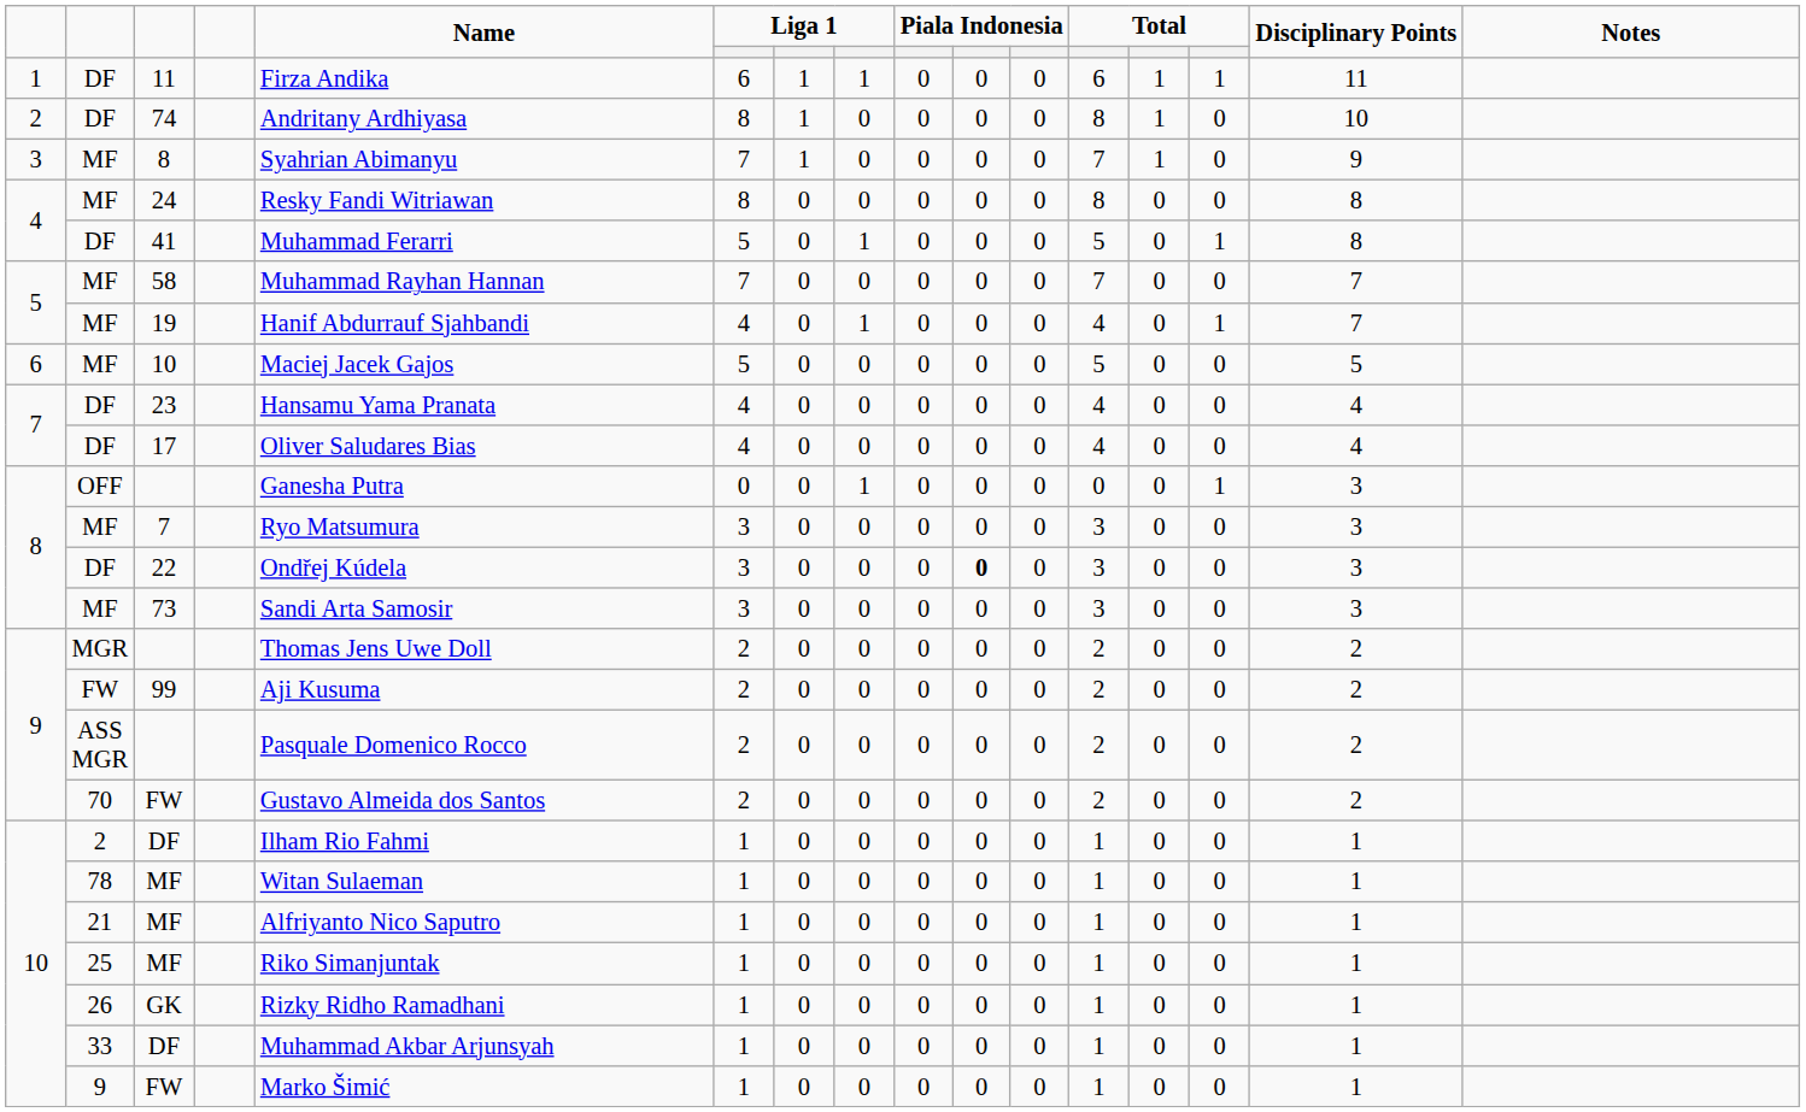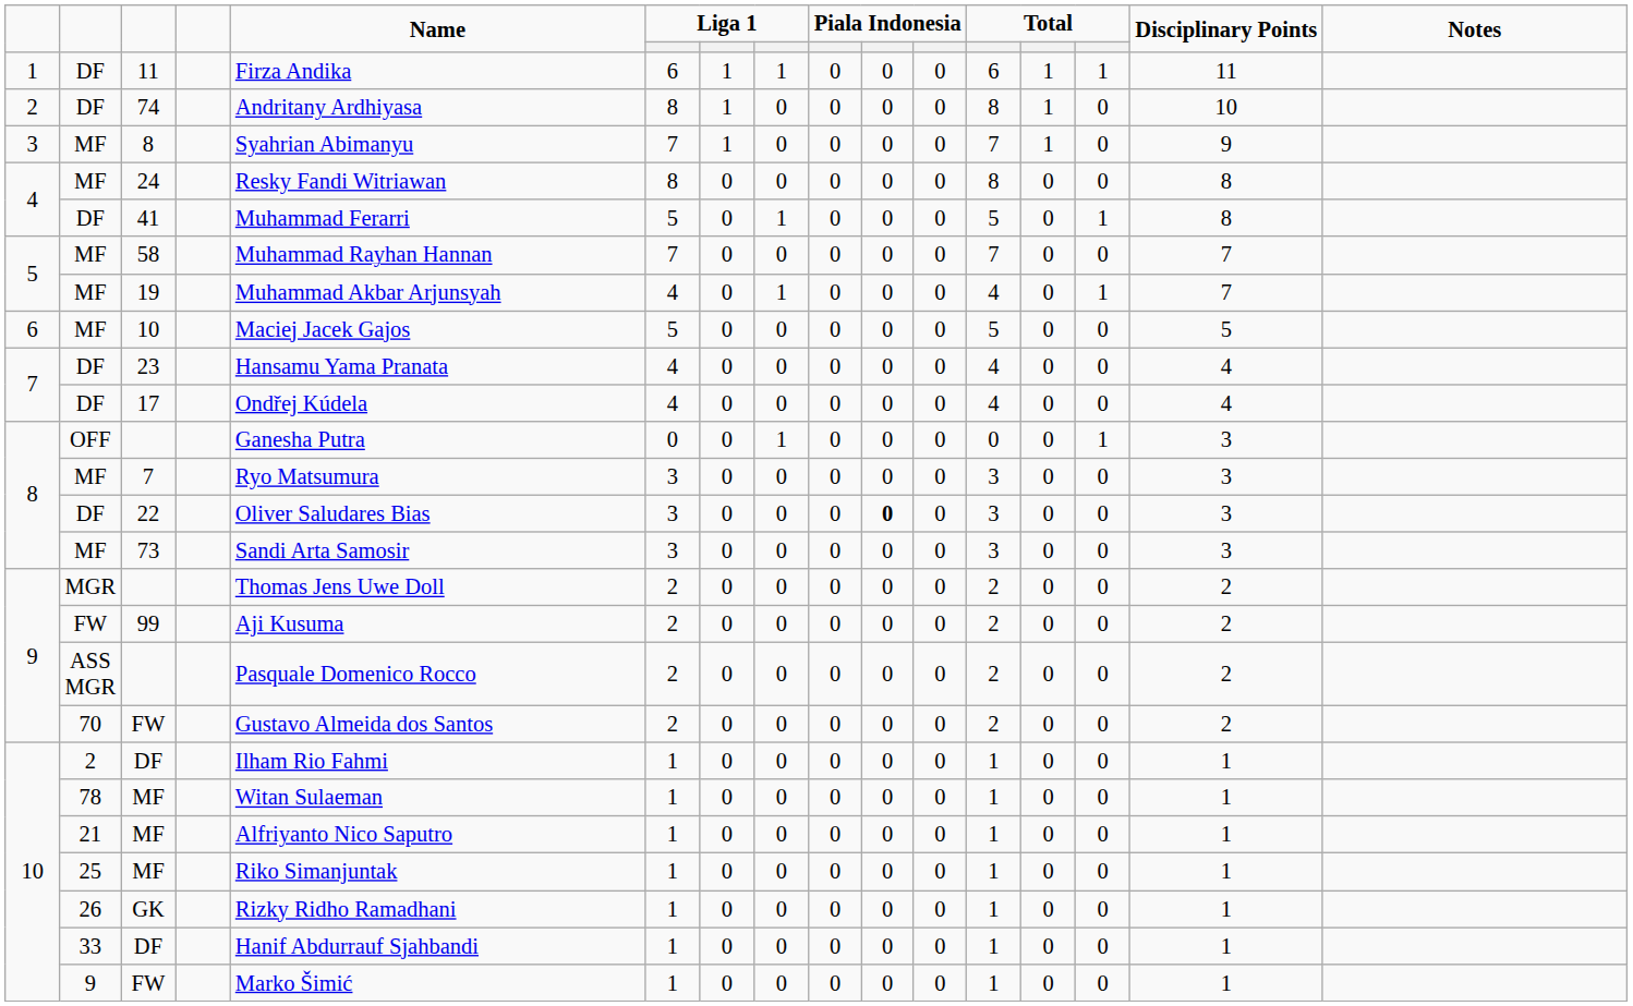 <table class="wikitable sortable" style="font-size: 95%; text-align: center;">
 <tr>
 <td rowspan="2" style="width:30px; text-align:center;"></td>
 <td rowspan="2" style="width:30px; text-align:center;"></td>
 <td rowspan="2" style="width:30px; text-align:center;"></td>
 <td rowspan="2" style="width:30px; text-align:center;"></td>
 <td rowspan="2" style="width:275px; text-align:center;"><strong>Name</strong></td>
 <td colspan="3" style="text-align:center;"><strong>Liga 1</strong></td>
 <td colspan="3" style="text-align:center;"><strong>Piala Indonesia</strong></td>
 <td colspan="3" style="text-align:center;"><strong>Total</strong></td>
 <td rowspan="2" style="text-align:center;"><strong>Disciplinary Points</strong></td>
 <td rowspan="2" style="width:200px; text-align:center;"><strong>Notes</strong></td>
 </tr>
 <tr>
 <th width=30></th>
 <th width=30></th>
 <th width=30></th>
 <th></th>
 <th></th>
 <th></th>
 <th width=30></th>
 <th width=30></th>
 <th width=30></th>
 </tr>
 <tr>
 <td>1</td>
 <td>DF</td>
 <td>11</td>
 <td align=left></td>
 <td align=left><a href='#'>Firza Andika</a></td>
 <td>6</td>
 <td>1</td>
 <td>1</td>
 <td>0</td>
 <td>0</td>
 <td>0</td>
 <td>6</td>
 <td>1</td>
 <td>1</td>
 <td>11</td>
 <td 0></td>
 </tr>
 <tr>
 <td>2</td>
 <td>DF</td>
 <td>74</td>
 <td align=left></td>
 <td align=left><a href='#'>Andritany Ardhiyasa</a></td>
 <td>8</td>
 <td>1</td>
 <td>0</td>
 <td>0</td>
 <td>0</td>
 <td>0</td>
 <td>8</td>
 <td>1</td>
 <td>0</td>
 <td>10</td>
 <td 0></td>
 </tr>
 <tr>
 <td>3</td>
 <td>MF</td>
 <td>8</td>
 <td align=left></td>
 <td align=left><a href='#'>Syahrian Abimanyu</a></td>
 <td>7</td>
 <td>1</td>
 <td>0</td>
 <td>0</td>
 <td>0</td>
 <td>0</td>
 <td>7</td>
 <td>1</td>
 <td>0</td>
 <td>9</td>
 <td 0></td>
 </tr>
 <tr>
 <td rowspan=2>4</td>
 <td>MF</td>
 <td>24</td>
 <td align=left></td>
 <td align=left><a href='#'>Resky Fandi Witriawan</a></td>
 <td>8</td>
 <td>0</td>
 <td>0</td>
 <td>0</td>
 <td>0</td>
 <td>0</td>
 <td>8</td>
 <td>0</td>
 <td>0</td>
 <td>8</td>
 <td 0></td>
 </tr>
 <tr>
 <td>DF</td>
 <td>41</td>
 <td align=left></td>
 <td align=left><a href='#'>Muhammad Ferarri</a></td>
 <td>5</td>
 <td>0</td>
 <td>1</td>
 <td>0</td>
 <td>0</td>
 <td>0</td>
 <td>5</td>
 <td>0</td>
 <td>1</td>
 <td>8</td>
 <td 0></td>
 </tr>
 <tr>
 <td rowspan=2>5</td>
 <td>MF</td>
 <td>58</td>
 <td align=left></td>
 <td align=left><a href='#'>Muhammad Rayhan Hannan</a></td>
 <td>7</td>
 <td>0</td>
 <td>0</td>
 <td>0</td>
 <td>0</td>
 <td>0</td>
 <td>7</td>
 <td>0</td>
 <td>0</td>
 <td>7</td>
 <td 0></td>
 </tr>
 <tr>
 <td>MF</td>
 <td>19</td>
 <td align=left></td>
-<td align=left><a href='#'>Hanif Abdurrauf Sjahbandi</a></td>
+<td align=left><a href='#'>Muhammad Akbar Arjunsyah</a></td>
 <td>4</td>
 <td>0</td>
 <td>1</td>
 <td>0</td>
 <td>0</td>
 <td>0</td>
 <td>4</td>
 <td>0</td>
 <td>1</td>
 <td>7</td>
 <td 0></td>
 </tr>
 <tr>
 <td>6</td>
 <td>MF</td>
 <td>10</td>
 <td align=left></td>
 <td align=left><a href='#'>Maciej Jacek Gajos</a></td>
 <td>5</td>
 <td>0</td>
 <td>0</td>
 <td>0</td>
 <td>0</td>
 <td>0</td>
 <td>5</td>
 <td>0</td>
 <td>0</td>
 <td>5</td>
 <td 0></td>
 </tr>
 <tr>
 <td rowspan=2>7</td>
 <td>DF</td>
 <td>23</td>
 <td align=left></td>
 <td align=left><a href='#'>Hansamu Yama Pranata</a></td>
 <td>4</td>
 <td>0</td>
 <td>0</td>
 <td>0</td>
 <td>0</td>
 <td>0</td>
 <td>4</td>
 <td>0</td>
 <td>0</td>
 <td>4</td>
 <td 0></td>
 </tr>
 <tr>
 <td>DF</td>
 <td>17</td>
 <td align=left></td>
-<td align=left><a href='#'>Oliver Saludares Bias</a></td>
+<td align=left><a href='#'>Ondřej Kúdela</a></td>
 <td>4</td>
 <td>0</td>
 <td>0</td>
 <td>0</td>
 <td>0</td>
 <td>0</td>
 <td>4</td>
 <td>0</td>
 <td>0</td>
 <td>4</td>
 <td 0></td>
 </tr>
 <tr>
 <td rowspan=4>8</td>
 <td>OFF</td>
 <td></td>
 <td align=left></td>
 <td align=left><a href='#'>Ganesha Putra</a></td>
 <td>0</td>
 <td>0</td>
 <td>1</td>
 <td>0</td>
 <td>0</td>
 <td>0</td>
 <td>0</td>
 <td>0</td>
 <td>1</td>
 <td>3</td>
 <td 0></td>
 </tr>
 <tr>
 <td>MF</td>
 <td>7</td>
 <td align=left></td>
 <td align=left><a href='#'>Ryo Matsumura</a></td>
 <td>3</td>
 <td>0</td>
 <td>0</td>
 <td>0</td>
 <td>0</td>
 <td>0</td>
 <td>3</td>
 <td>0</td>
 <td>0</td>
 <td>3</td>
 <td 0></td>
 </tr>
 <tr>
 <td>DF</td>
 <td>22</td>
 <td align=left></td>
-<td align=left><a href='#'>Ondřej Kúdela</a></td>
+<td align=left><a href='#'>Oliver Saludares Bias</a></td>
 <td>3</td>
 <td>0</td>
 <td>0</td>
 <td>0</td>
 <td><strong>0</strong></td>
 <td>0</td>
 <td>3</td>
 <td>0</td>
 <td>0</td>
 <td>3</td>
 <td 0></td>
 </tr>
 <tr>
 <td>MF</td>
 <td>73</td>
 <td align=left></td>
 <td align=left><a href='#'>Sandi Arta Samosir</a></td>
 <td>3</td>
 <td>0</td>
 <td>0</td>
 <td>0</td>
 <td>0</td>
 <td>0</td>
 <td>3</td>
 <td>0</td>
 <td>0</td>
 <td>3</td>
 <td 0></td>
 </tr>
 <tr>
 <td rowspan=4>9</td>
 <td>MGR</td>
 <td></td>
 <td align=left></td>
 <td align=left><a href='#'>Thomas Jens Uwe Doll</a></td>
 <td>2</td>
 <td>0</td>
 <td>0</td>
 <td>0</td>
 <td>0</td>
 <td>0</td>
 <td>2</td>
 <td>0</td>
 <td>0</td>
 <td>2</td>
 <td 0></td>
 </tr>
 <tr>
 <td>FW</td>
 <td>99</td>
 <td align=left></td>
 <td align=left><a href='#'>Aji Kusuma</a></td>
 <td>2</td>
 <td>0</td>
 <td>0</td>
 <td>0</td>
 <td>0</td>
 <td>0</td>
 <td>2</td>
 <td>0</td>
 <td>0</td>
 <td>2</td>
 <td 0></td>
 </tr>
 <tr>
 <td>ASS MGR</td>
 <td></td>
 <td align=left></td>
 <td align=left><a href='#'>Pasquale Domenico Rocco</a></td>
 <td>2</td>
 <td>0</td>
 <td>0</td>
 <td>0</td>
 <td>0</td>
 <td>0</td>
 <td>2</td>
 <td>0</td>
 <td>0</td>
 <td>2</td>
 <td 0></td>
 </tr>
 <tr>
 <td>70</td>
 <td>FW</td>
 <td align=left></td>
 <td align=left><a href='#'>Gustavo Almeida dos Santos</a></td>
 <td>2</td>
 <td>0</td>
 <td>0</td>
 <td>0</td>
 <td>0</td>
 <td>0</td>
 <td>2</td>
 <td>0</td>
 <td>0</td>
 <td>2</td>
 <td 0></td>
 </tr>
 <tr>
 <td rowspan=8>10</td>
 <td>2</td>
 <td>DF</td>
 <td align=left></td>
 <td align=left><a href='#'>Ilham Rio Fahmi</a></td>
 <td>1</td>
 <td>0</td>
 <td>0</td>
 <td>0</td>
 <td>0</td>
 <td>0</td>
 <td>1</td>
 <td>0</td>
 <td>0</td>
 <td>1</td>
 <td 0></td>
 </tr>
 <tr>
 <td>78</td>
 <td>MF</td>
 <td align=left></td>
 <td align=left><a href='#'>Witan Sulaeman</a></td>
 <td>1</td>
 <td>0</td>
 <td>0</td>
 <td>0</td>
 <td>0</td>
 <td>0</td>
 <td>1</td>
 <td>0</td>
 <td>0</td>
 <td>1</td>
 <td 0></td>
 </tr>
 <tr>
 <td>21</td>
 <td>MF</td>
 <td align=left></td>
 <td align=left><a href='#'>Alfriyanto Nico Saputro</a></td>
 <td>1</td>
 <td>0</td>
 <td>0</td>
 <td>0</td>
 <td>0</td>
 <td>0</td>
 <td>1</td>
 <td>0</td>
 <td>0</td>
 <td>1</td>
 <td 0></td>
 </tr>
 <tr>
 <td>25</td>
 <td>MF</td>
 <td align=left></td>
 <td align=left><a href='#'>Riko Simanjuntak</a></td>
 <td>1</td>
 <td>0</td>
 <td>0</td>
 <td>0</td>
 <td>0</td>
 <td>0</td>
 <td>1</td>
 <td>0</td>
 <td>0</td>
 <td>1</td>
 <td 0></td>
 </tr>
 <tr>
 <td>26</td>
 <td>GK</td>
 <td align=left></td>
 <td align=left><a href='#'>Rizky Ridho Ramadhani</a></td>
 <td>1</td>
 <td>0</td>
 <td>0</td>
 <td>0</td>
 <td>0</td>
 <td>0</td>
 <td>1</td>
 <td>0</td>
 <td>0</td>
 <td>1</td>
 <td 0></td>
 </tr>
 <tr>
 <td>33</td>
 <td>DF</td>
 <td align=left></td>
-<td align=left><a href='#'>Muhammad Akbar Arjunsyah</a></td>
+<td align=left><a href='#'>Hanif Abdurrauf Sjahbandi</a></td>
 <td>1</td>
 <td>0</td>
 <td>0</td>
 <td>0</td>
 <td>0</td>
 <td>0</td>
 <td>1</td>
 <td>0</td>
 <td>0</td>
 <td>1</td>
 <td 0></td>
 </tr>
 <tr>
 <td>9</td>
 <td>FW</td>
 <td align=left></td>
 <td align=left><a href='#'>Marko Šimić</a></td>
 <td>1</td>
 <td>0</td>
 <td>0</td>
 <td>0</td>
 <td>0</td>
 <td>0</td>
 <td>1</td>
 <td>0</td>
 <td>0</td>
 <td>1</td>
 <td 0></td>
 </tr>
 </table>
